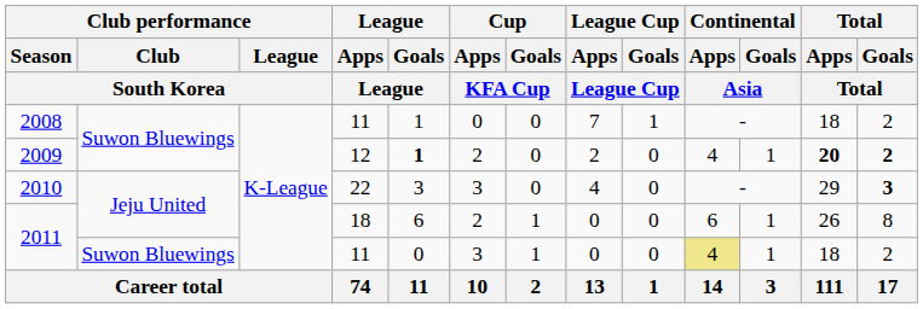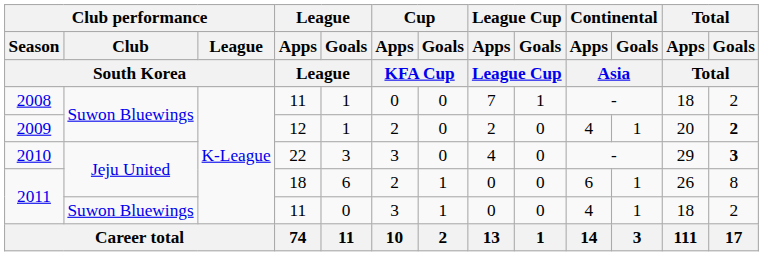 <table class="wikitable" style="text-align:center">
 <tr>
 <th colspan=3>Club performance</th>
 <th colspan=2>League</th>
 <th colspan=2>Cup</th>
 <th colspan=2>League Cup</th>
 <th colspan=2>Continental</th>
 <th colspan=2>Total</th>
 </tr>
 <tr>
 <th>Season</th>
 <th>Club</th>
 <th>League</th>
 <th>Apps</th>
 <th>Goals</th>
 <th>Apps</th>
 <th>Goals</th>
 <th>Apps</th>
 <th>Goals</th>
 <th>Apps</th>
 <th>Goals</th>
 <th>Apps</th>
 <th>Goals</th>
 </tr>
 <tr>
 <th colspan=3>South Korea</th>
 <th colspan=2>League</th>
 <th colspan=2><a href='#'>KFA Cup</a></th>
 <th colspan=2><a href='#'>League Cup</a></th>
 <th colspan=2><a href='#'>Asia</a></th>
 <th colspan=2>Total</th>
 </tr>
 <tr>
 <td><a href='#'>2008</a></td>
 <td rowspan="2"><a href='#'>Suwon Bluewings</a></td>
 <td rowspan="5"><a href='#'>K-League</a></td>
 <td>11</td>
 <td>1</td>
 <td>0</td>
 <td>0</td>
 <td>7</td>
 <td>1</td>
 <td colspan="2">-</td>
 <td>18</td>
 <td>2</td>
 </tr>
 <tr>
 <td><a href='#'>2009</a></td>
 <td>12</td>
-<td><strong>1</strong></td>
+<td>1</td>
 <td>2</td>
 <td>0</td>
 <td>2</td>
 <td>0</td>
 <td>4</td>
 <td>1</td>
-<td><strong>20</strong></td>
+<td>20</td>
 <td><strong>2</strong></td>
 </tr>
 <tr>
 <td><a href='#'>2010</a></td>
 <td rowspan="2"><a href='#'>Jeju United</a></td>
 <td>22</td>
 <td>3</td>
 <td>3</td>
 <td>0</td>
 <td>4</td>
 <td>0</td>
 <td colspan="2">-</td>
 <td>29</td>
 <td><strong>3</strong></td>
 </tr>
 <tr>
 <td rowspan=2><a href='#'>2011</a></td>
 <td>18</td>
 <td>6</td>
 <td>2</td>
 <td>1</td>
 <td>0</td>
 <td>0</td>
 <td>6</td>
 <td>1</td>
 <td>26</td>
 <td>8</td>
 </tr>
 <tr>
 <td><a href='#'>Suwon Bluewings</a></td>
 <td>11</td>
 <td>0</td>
 <td>3</td>
 <td>1</td>
 <td>0</td>
 <td>0</td>
-<td style="background: khaki;">4</td>
+<td>4</td>
 <td>1</td>
 <td>18</td>
 <td>2</td>
 </tr>
 <tr>
 <th colspan=3>Career total</th>
 <th>74</th>
 <th>11</th>
 <th>10</th>
 <th>2</th>
 <th>13</th>
 <th>1</th>
 <th>14</th>
 <th>3</th>
 <th>111</th>
 <th>17</th>
 </tr>
 </table>
